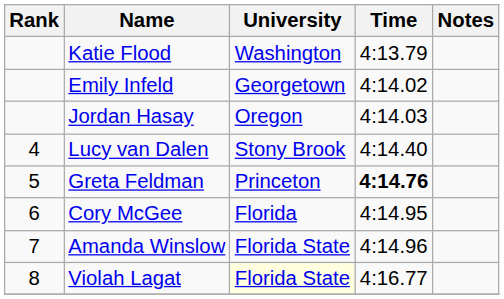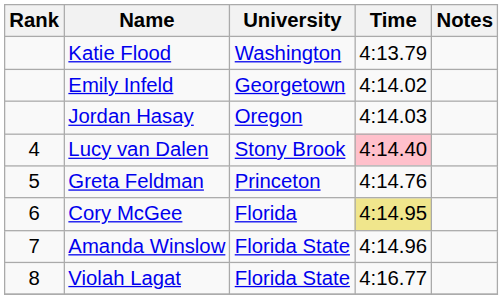 <table class="wikitable sortable" style="text-align:center">
 <tr>
 <th>Rank</th>
 <th>Name</th>
 <th>University</th>
 <th>Time</th>
 <th>Notes</th>
 </tr>
 <tr>
 <td></td>
 <td align=left><a href='#'>Katie Flood</a></td>
 <td align=left><a href='#'>Washington</a></td>
 <td>4:13.79</td>
 <td></td>
 </tr>
 <tr>
 <td></td>
 <td align=left><a href='#'>Emily Infeld</a></td>
 <td align=left><a href='#'>Georgetown</a></td>
 <td>4:14.02</td>
 <td></td>
 </tr>
 <tr>
 <td></td>
 <td align=left><a href='#'>Jordan Hasay</a></td>
 <td align=left><a href='#'>Oregon</a></td>
 <td>4:14.03</td>
 <td></td>
 </tr>
 <tr>
 <td>4</td>
 <td align=left><a href='#'>Lucy van Dalen</a> </td>
 <td align=left><a href='#'>Stony Brook</a></td>
-<td>4:14.40</td>
+<td style="background: pink;">4:14.40</td>
 <td></td>
 </tr>
 <tr>
 <td>5</td>
 <td align=left><a href='#'>Greta Feldman</a></td>
 <td align=left><a href='#'>Princeton</a></td>
-<td><strong>4:14.76</strong></td>
+<td>4:14.76</td>
 <td></td>
 </tr>
 <tr>
 <td>6</td>
 <td align=left><a href='#'>Cory McGee</a></td>
 <td align=left><a href='#'>Florida</a></td>
-<td>4:14.95</td>
+<td style="background: khaki;">4:14.95</td>
 <td></td>
 </tr>
 <tr>
 <td>7</td>
 <td align=left><a href='#'>Amanda Winslow</a></td>
 <td align=left><a href='#'>Florida State</a></td>
 <td>4:14.96</td>
 <td></td>
 </tr>
 <tr>
 <td>8</td>
 <td align=left><a href='#'>Violah Lagat</a> </td>
-<td align=left style="background: lightyellow;"><a href='#'>Florida State</a></td>
+<td align=left><a href='#'>Florida State</a></td>
 <td>4:16.77</td>
 <td></td>
 </tr>
 <tr>
 </tr>
 </table>
